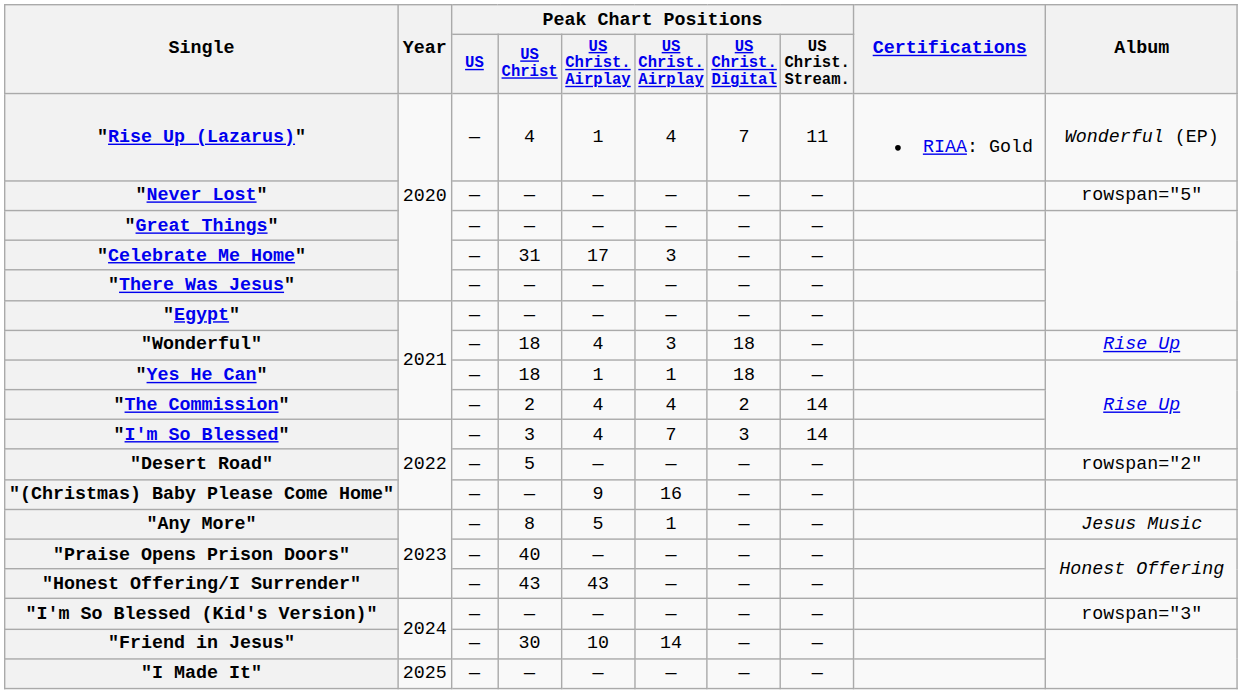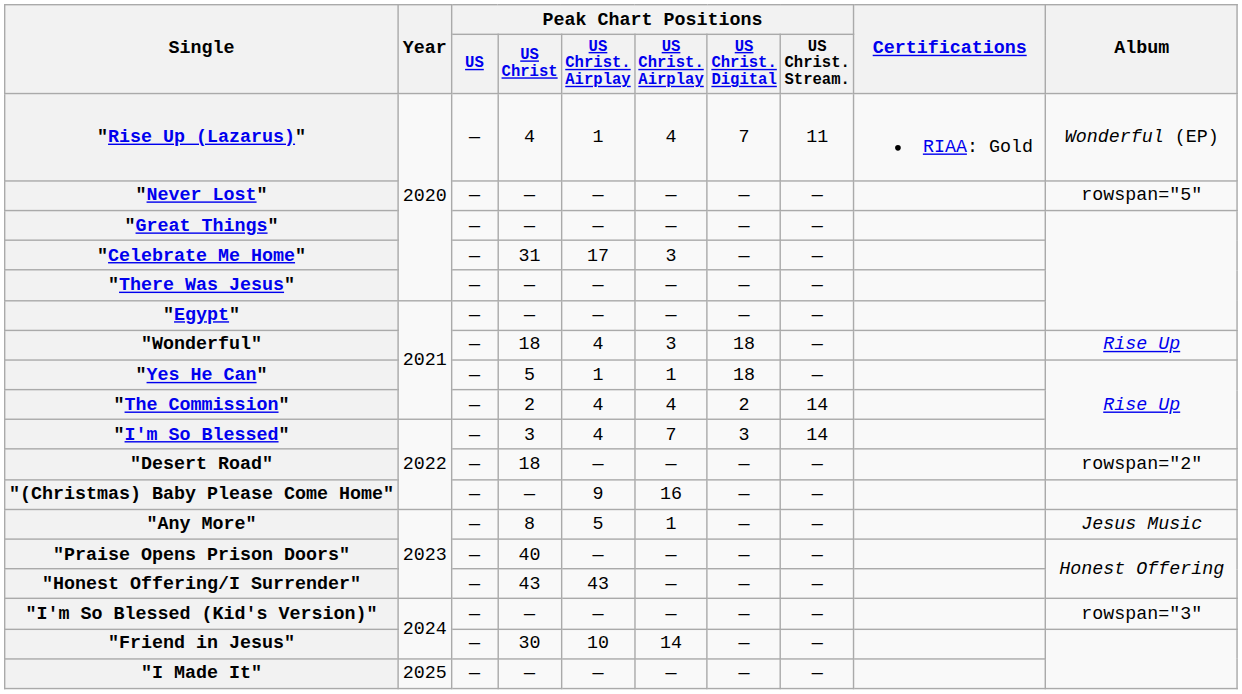 <table class="wikitable plainrowheaders" style="text-align:center;">
 <tr>
 <th rowspan="2">Single</th>
 <th rowspan="2">Year</th>
 <th colspan="6">Peak Chart Positions</th>
 <th rowspan="2" scope="col" style="width:10em;"><a href='#'>Certifications</a></th>
 <th rowspan="2" scope="col" style="width:10em;">Album</th>
 </tr>
 <tr>
 <th scope="col" style="width:2.5em;font-size:85%;"><a href='#'>US</a><br></th>
 <th scope="col" style="width:2.5em;font-size:85%;"><a href='#'>US<br>Christ</a><br></th>
 <th scope="col" style="width:2.5em;font-size:85%;"><a href='#'>US<br>Christ.<br>Airplay</a><br></th>
 <th scope="col" style="width:2.5em;font-size:85%;"><a href='#'>US<br>Christ.<br>Airplay</a><br></th>
 <th scope="col" style="width:2.5em;font-size:85%;"><a href='#'>US<br>Christ.<br>Digital</a><br></th>
 <th scope="col" style="width:2.5em;font-size:85%;">US<br>Christ.<br>Stream.<br></th>
 </tr>
 <tr>
 <th scope="row">"<a href='#'>Rise Up (Lazarus)</a>"</th>
 <td rowspan="5">2020</td>
 <td>—</td>
 <td>4</td>
 <td>1</td>
 <td>4</td>
 <td>7</td>
 <td>11</td>
 <td><br><ul><li><a href='#'>RIAA</a>: Gold</li></ul></td>
 <td><em>Wonderful</em> (EP)</td>
 </tr>
 <tr>
 <th scope="row">"<a href='#'>Never Lost</a>"<br></th>
 <td>—</td>
 <td>—</td>
 <td>—</td>
 <td>—</td>
 <td>—</td>
 <td>—</td>
 <td></td>
 <td>rowspan="5" </td>
 </tr>
 <tr>
 <th scope="row">"<a href='#'>Great Things</a>"<br></th>
 <td>—</td>
 <td>—</td>
 <td>—</td>
 <td>—</td>
 <td>—</td>
 <td>—</td>
 <td></td>
 </tr>
 <tr>
 <th scope="row">"<a href='#'>Celebrate Me Home</a>"<br></th>
 <td>—</td>
 <td>31</td>
 <td>17</td>
 <td>3</td>
 <td>—</td>
 <td>—</td>
 <td></td>
 </tr>
 <tr>
 <th scope="row">"<a href='#'>There Was Jesus</a>"<br></th>
 <td>—</td>
 <td>—</td>
 <td>—</td>
 <td>—</td>
 <td>—</td>
 <td>—</td>
 <td></td>
 </tr>
 <tr>
 <th scope="row">"<a href='#'>Egypt</a>"<br></th>
 <td rowspan="4">2021</td>
 <td>—</td>
 <td>—</td>
 <td>—</td>
 <td>—</td>
 <td>—</td>
 <td>—</td>
 <td></td>
 </tr>
 <tr>
 <th scope="row">"Wonderful"<br></th>
 <td>—</td>
 <td>18</td>
 <td>4</td>
 <td>3</td>
 <td>18</td>
 <td>—</td>
 <td></td>
 <td><em><a href='#'>Rise Up</a></em></td>
 </tr>
 <tr>
 <th scope="row">"<a href='#'>Yes He Can</a>"</th>
 <td>—</td>
-<td>18</td>
+<td>5</td>
 <td>1</td>
 <td>1</td>
 <td>18</td>
 <td>—</td>
 <td></td>
 <td rowspan="3"><em><a href='#'>Rise Up</a></em></td>
 </tr>
 <tr>
 <th scope="row">"<a href='#'>The Commission</a>"</th>
 <td>—</td>
 <td>2</td>
 <td>4</td>
 <td>4</td>
 <td>2</td>
 <td>14</td>
 <td></td>
 </tr>
 <tr>
 <th scope="row">"<a href='#'>I'm So Blessed</a>"</th>
 <td rowspan="3">2022</td>
 <td>—</td>
 <td>3</td>
 <td>4</td>
 <td>7</td>
 <td>3</td>
 <td>14</td>
 <td></td>
 </tr>
 <tr>
 <th scope="row">"Desert Road"<br></th>
 <td>—</td>
-<td>5</td>
+<td>18</td>
 <td>—</td>
 <td>—</td>
 <td>—</td>
 <td>—</td>
 <td></td>
 <td>rowspan="2" </td>
 </tr>
 <tr>
 <th scope="row">"(Christmas) Baby Please Come Home"<br></th>
 <td>—</td>
 <td>—</td>
 <td>9</td>
 <td>16</td>
 <td>—</td>
 <td>—</td>
 <td></td>
 </tr>
 <tr>
 <th scope="row">"Any More"</th>
 <td rowspan="3">2023</td>
 <td>—</td>
 <td>8</td>
 <td>5</td>
 <td>1</td>
 <td>—</td>
 <td>—</td>
 <td></td>
 <td><em>Jesus Music</em></td>
 </tr>
 <tr>
 <th scope="row">"Praise Opens Prison Doors"</th>
 <td>—</td>
 <td>40</td>
 <td>—</td>
 <td>—</td>
 <td>—</td>
 <td>—</td>
 <td></td>
 <td rowspan="2"><em>Honest Offering</em></td>
 </tr>
 <tr>
 <th scope="row">"Honest Offering/I Surrender"</th>
 <td>—</td>
 <td>43</td>
 <td>43</td>
 <td>—</td>
 <td>—</td>
 <td>—</td>
 <td></td>
 </tr>
 <tr>
 <th scope="row">"I'm So Blessed (Kid's Version)"</th>
 <td rowspan="2">2024</td>
 <td>—</td>
 <td>—</td>
 <td>—</td>
 <td>—</td>
 <td>—</td>
 <td>—</td>
 <td></td>
 <td>rowspan="3" </td>
 </tr>
 <tr>
 <th scope="row">"Friend in Jesus"</th>
 <td>—</td>
 <td>30</td>
 <td>10</td>
 <td>14</td>
 <td>—</td>
 <td>—</td>
 <td></td>
 </tr>
 <tr>
 <th scope="row">"I Made It"</th>
 <td>2025</td>
 <td>—</td>
 <td>—</td>
 <td>—</td>
 <td>—</td>
 <td>—</td>
 <td>—</td>
 <td></td>
 </tr>
 </table>
